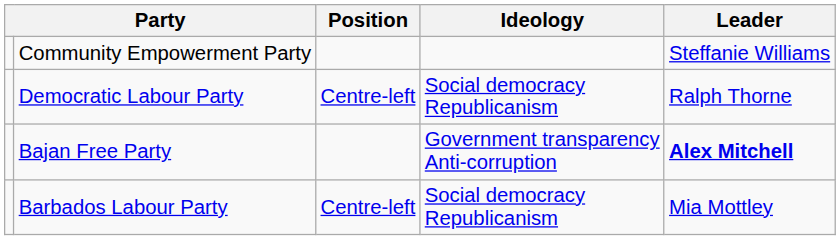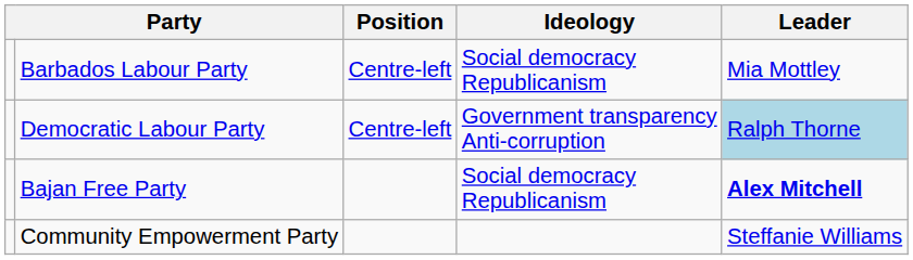 <table class="wikitable sortable">
 <tr>
 <th colspan="2">Party</th>
 <th>Position</th>
 <th>Ideology</th>
 <th>Leader<br></th>
 </tr>
 <tr>
 <td></td>
+<td><a href='#'>Barbados Labour Party</a></td>
+<td><a href='#'>Centre-left</a></td>
+<td><a href='#'>Social democracy</a><br><a href='#'>Republicanism</a></td>
+<td><a href='#'>Mia Mottley</a><br></td>
+</tr>
+<tr>
+<td></td>
+<td><a href='#'>Democratic Labour Party</a></td>
+<td><a href='#'>Centre-left</a></td>
+<td><a href='#'>Government transparency</a><br><a href='#'>Anti-corruption</a> <br></td>
+<td style="background: lightblue;"><a href='#'>Ralph Thorne</a><br></td>
+</tr>
+<tr>
+<td bgcolor=></td>
+<td><a href='#'>Bajan Free Party</a></td>
+<td></td>
+<td><a href='#'>Social democracy</a><br><a href='#'>Republicanism</a></td>
+<td><strong><a href='#'>Alex Mitchell</a> <br> </strong></td>
+</tr>
+<tr>
+<td></td>
 <td>Community Empowerment Party</td>
 <td></td>
 <td></td>
 <td><a href='#'>Steffanie Williams</a><br> </td>
 </tr>
-<tr>
-<td></td>
-<td><a href='#'>Democratic Labour Party</a></td>
-<td><a href='#'>Centre-left</a></td>
-<td><a href='#'>Social democracy</a><br><a href='#'>Republicanism</a></td>
-<td><a href='#'>Ralph Thorne</a><br></td>
-</tr>
-<tr>
-<td bgcolor=></td>
-<td><a href='#'>Bajan Free Party</a></td>
-<td></td>
-<td><a href='#'>Government transparency</a><br><a href='#'>Anti-corruption</a> <br></td>
-<td><strong><a href='#'>Alex Mitchell</a> <br> </strong></td>
-</tr>
-<tr>
-<td></td>
-<td><a href='#'>Barbados Labour Party</a></td>
-<td><a href='#'>Centre-left</a></td>
-<td><a href='#'>Social democracy</a><br><a href='#'>Republicanism</a></td>
-<td><a href='#'>Mia Mottley</a><br></td>
-</tr>
 </table>
